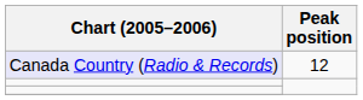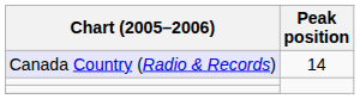 <table class="wikitable sortable">
 <tr>
 <th align="left">Chart (2005–2006)</th>
 <th align="center">Peak<br>position</th>
 </tr>
 <tr>
 <td align="left" style="background: lavender;">Canada <a href='#'>Country</a> (<em><a href='#'>Radio & Records</a></em>)</td>
-<td align="center">12</td>
+<td align="center">14</td>
 </tr>
 <tr>
 <td></td>
 </tr>
 <tr>
 <td></td>
 </tr>
 <tr>
 </tr>
 </table>
